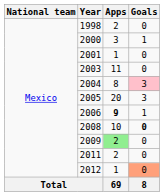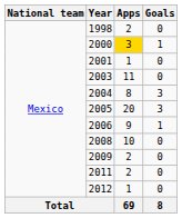 <table class="wikitable" style="text-align: center;">
 <tr>
 <th>National team</th>
 <th>Year</th>
 <th>Apps</th>
 <th>Goals</th>
 </tr>
 <tr>
 <td rowspan="11" valign="center"><a href='#'>Mexico</a></td>
 <td>1998</td>
 <td>2</td>
 <td>0</td>
 </tr>
 <tr>
 <td>2000</td>
-<td>3</td>
+<td style="background: gold;">3</td>
 <td>1</td>
 </tr>
 <tr>
 <td>2001</td>
 <td>1</td>
 <td>0</td>
 </tr>
 <tr>
 <td>2003</td>
 <td>11</td>
 <td>0</td>
 </tr>
 <tr>
 <td>2004</td>
 <td>8</td>
-<td style="background: pink;">3</td>
+<td>3</td>
 </tr>
 <tr>
 <td>2005</td>
 <td>20</td>
 <td>3</td>
 </tr>
 <tr>
 <td>2006</td>
-<td><strong>9</strong></td>
+<td>9</td>
 <td>1</td>
 </tr>
 <tr>
 <td>2008</td>
 <td>10</td>
-<td><strong>0</strong></td>
+<td>0</td>
 </tr>
 <tr>
 <td>2009</td>
-<td style="background: lightgreen;">2</td>
+<td>2</td>
 <td>0</td>
 </tr>
 <tr>
 <td>2011</td>
 <td>2</td>
 <td>0</td>
 </tr>
 <tr>
 <td>2012</td>
 <td>1</td>
-<td style="background: lightsalmon;">0</td>
+<td>0</td>
 </tr>
 <tr>
 <th colspan="2">Total</th>
 <th>69</th>
 <th>8</th>
 </tr>
 </table>
